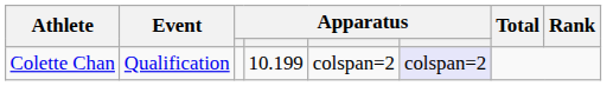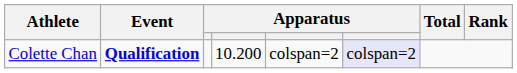 <table class="wikitable" style="font-size:90%">
 <tr>
 <th rowspan=2>Athlete</th>
 <th rowspan=2>Event</th>
 <th colspan=4>Apparatus</th>
 <th rowspan=2>Total</th>
 <th rowspan=2>Rank</th>
 </tr>
 <tr style="font-size:95%">
 <th></th>
 <th></th>
 <th></th>
 <th></th>
 </tr>
 <tr align=center>
 <td align=left><a href='#'>Colette Chan</a></td>
-<td align=left><a href='#'>Qualification</a></td>
+<td align=left><strong><a href='#'>Qualification</a></strong></td>
 <td></td>
-<td>10.199</td>
+<td>10.200</td>
 <td>colspan=2 </td>
 <td style="background: lavender;">colspan=2 </td>
 </tr>
 </table>
